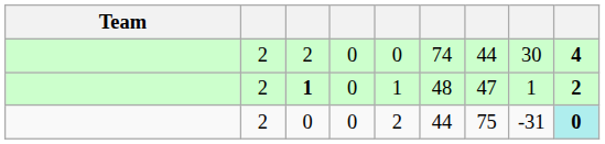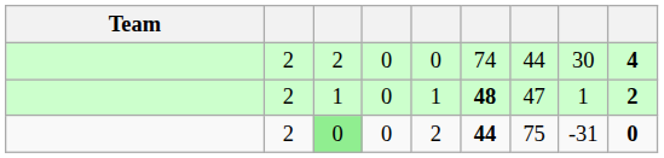 <table class="wikitable" style="text-align:center; font-size:90%">
 <tr>
 <th width=160>Team</th>
 <th width=25></th>
 <th width=25></th>
 <th width=25></th>
 <th width=25></th>
 <th width=25></th>
 <th width=25></th>
 <th width=25></th>
 <th width=25></th>
 </tr>
 <tr bgcolor=ccffcc>
 <td align=left></td>
 <td>2</td>
 <td>2</td>
 <td>0</td>
 <td>0</td>
 <td>74</td>
 <td>44</td>
 <td>30</td>
 <td><strong>4</strong></td>
 </tr>
 <tr bgcolor=ccffcc>
 <td align=left></td>
 <td>2</td>
-<td><strong>1</strong></td>
+<td>1</td>
 <td>0</td>
 <td>1</td>
-<td>48</td>
+<td><strong>48</strong></td>
 <td>47</td>
 <td>1</td>
 <td><strong>2</strong></td>
 </tr>
 <tr>
 <td align=left></td>
 <td>2</td>
-<td>0</td>
+<td style="background: lightgreen;">0</td>
 <td>0</td>
 <td>2</td>
-<td>44</td>
+<td><strong>44</strong></td>
 <td>75</td>
 <td>-31</td>
-<td style="background: paleturquoise;"><strong>0</strong></td>
+<td><strong>0</strong></td>
 </tr>
 </table>
